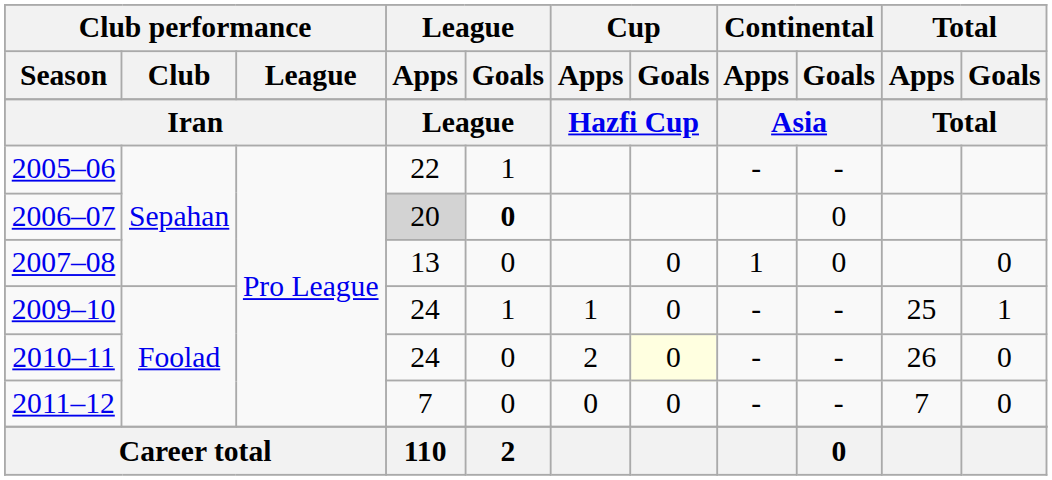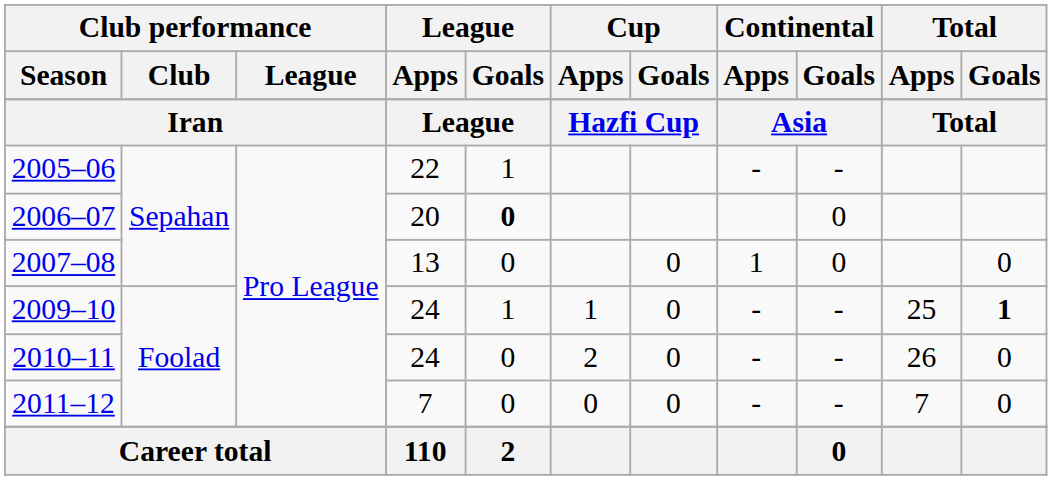 <table class="wikitable" style="text-align:center">
 <tr>
 <th colspan=3>Club performance</th>
 <th colspan=2>League</th>
 <th colspan=2>Cup</th>
 <th colspan=2>Continental</th>
 <th colspan=2>Total</th>
 </tr>
 <tr>
 <th>Season</th>
 <th>Club</th>
 <th>League</th>
 <th>Apps</th>
 <th>Goals</th>
 <th>Apps</th>
 <th>Goals</th>
 <th>Apps</th>
 <th>Goals</th>
 <th>Apps</th>
 <th>Goals</th>
 </tr>
 <tr>
 </tr>
 <tr>
 <th colspan=3>Iran</th>
 <th colspan=2>League</th>
 <th colspan=2><a href='#'>Hazfi Cup</a></th>
 <th colspan=2><a href='#'>Asia</a></th>
 <th colspan=2>Total</th>
 </tr>
 <tr>
 <td><a href='#'>2005–06</a></td>
 <td rowspan="3"><a href='#'>Sepahan</a></td>
 <td rowspan="6"><a href='#'>Pro League</a></td>
 <td>22</td>
 <td>1</td>
 <td></td>
 <td></td>
 <td>-</td>
 <td>-</td>
 <td></td>
 <td></td>
 </tr>
 <tr>
 <td><a href='#'>2006–07</a></td>
-<td style="background: lightgrey;">20</td>
+<td>20</td>
 <td><strong>0</strong></td>
 <td></td>
 <td></td>
 <td></td>
 <td>0</td>
 <td></td>
 <td></td>
 </tr>
 <tr>
 <td><a href='#'>2007–08</a></td>
 <td>13</td>
 <td>0</td>
 <td></td>
 <td>0</td>
 <td>1</td>
 <td>0</td>
 <td></td>
 <td>0</td>
 </tr>
 <tr>
 <td><a href='#'>2009–10</a></td>
 <td rowspan="3"><a href='#'>Foolad</a></td>
 <td>24</td>
 <td>1</td>
 <td>1</td>
 <td>0</td>
 <td>-</td>
 <td>-</td>
 <td>25</td>
-<td>1</td>
+<td><strong>1</strong></td>
 </tr>
 <tr>
 <td><a href='#'>2010–11</a></td>
 <td>24</td>
 <td>0</td>
 <td>2</td>
-<td style="background: lightyellow;">0</td>
+<td>0</td>
 <td>-</td>
 <td>-</td>
 <td>26</td>
 <td>0</td>
 </tr>
 <tr>
 <td><a href='#'>2011–12</a></td>
 <td>7</td>
 <td>0</td>
 <td>0</td>
 <td>0</td>
 <td>-</td>
 <td>-</td>
 <td>7</td>
 <td>0</td>
 </tr>
 <tr>
 </tr>
 <tr>
 <th colspan=3>Career total</th>
 <th>110</th>
 <th>2</th>
 <th></th>
 <th></th>
 <th></th>
 <th>0</th>
 <th></th>
 <th></th>
 </tr>
 </table>
